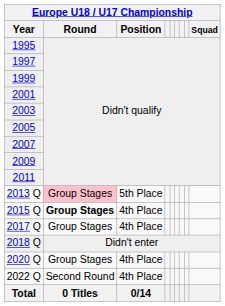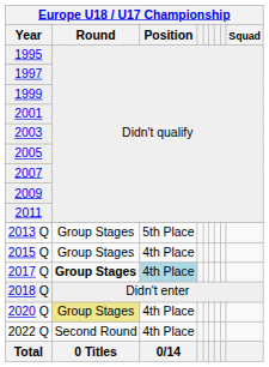 <table class="wikitable" style="text-align: center;">
 <tr>
 <th colspan=9><a href='#'>Europe U18 / U17 Championship</a></th>
 </tr>
 <tr>
 <th>Year</th>
 <th>Round</th>
 <th>Position</th>
 <th></th>
 <th></th>
 <th></th>
 <th></th>
 <th></th>
 <th><small>Squad</small></th>
 </tr>
 <tr bgcolor="efefef">
 <td> <a href='#'>1995</a></td>
 <td colspan="8" rowspan="9">Didn't qualify</td>
 </tr>
 <tr bgcolor="efefef">
 <td> <a href='#'>1997</a></td>
 </tr>
 <tr bgcolor="efefef">
 <td> <a href='#'>1999</a></td>
 </tr>
 <tr bgcolor="efefef">
 <td> <a href='#'>2001</a></td>
 </tr>
 <tr bgcolor="efefef">
 <td> <a href='#'>2003</a></td>
 </tr>
 <tr bgcolor="efefef">
 <td> <a href='#'>2005</a></td>
 </tr>
 <tr bgcolor="efefef">
 <td> <a href='#'>2007</a></td>
 </tr>
 <tr bgcolor="efefef">
 <td> <a href='#'>2009</a></td>
 </tr>
 <tr bgcolor="efefef">
 <td> <a href='#'>2011</a></td>
 </tr>
 <tr>
 <td><a href='#'>2013</a> Q</td>
-<td style="background: pink;">Group Stages</td>
+<td>Group Stages</td>
 <td>5th Place</td>
 <td></td>
 <td></td>
 <td></td>
 <td></td>
 <td></td>
 <td></td>
 </tr>
 <tr>
 <td><a href='#'>2015</a> Q</td>
-<td><strong>Group Stages</strong></td>
+<td>Group Stages</td>
 <td>4th Place</td>
 <td></td>
 <td></td>
 <td></td>
 <td></td>
 <td></td>
 <td></td>
 </tr>
 <tr>
 <td><a href='#'>2017</a> Q</td>
-<td>Group Stages</td>
-<td>4th Place</td>
+<td><strong>Group Stages</strong></td>
+<td style="background: lightblue;">4th Place</td>
 <td></td>
 <td></td>
 <td></td>
 <td></td>
 <td></td>
 <td></td>
 </tr>
 <tr bgcolor="efefef">
 <td><a href='#'>2018</a> Q</td>
 <td colspan=8 align="center">Didn't enter</td>
 </tr>
 <tr>
 <td><a href='#'>2020</a> Q</td>
-<td>Group Stages</td>
+<td style="background: khaki;">Group Stages</td>
 <td>4th Place</td>
 <td></td>
 <td></td>
 <td></td>
 <td></td>
 <td></td>
 <td></td>
 </tr>
 <tr>
 <td>2022 Q</td>
 <td>Second Round</td>
 <td>4th Place</td>
 <td></td>
 <td></td>
 <td></td>
 <td></td>
 <td></td>
 <td></td>
 </tr>
 <tr>
 <th>Total</th>
 <th>0 Titles</th>
 <th>0/14</th>
 <th></th>
 <th></th>
 <th></th>
 <th></th>
 <th></th>
 <th></th>
 </tr>
 </table>
